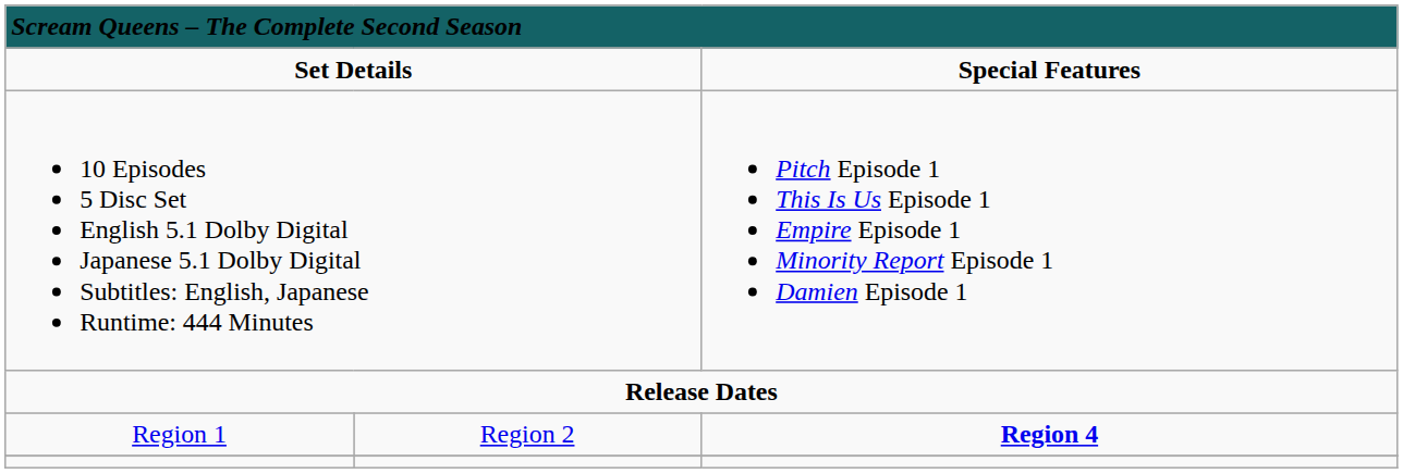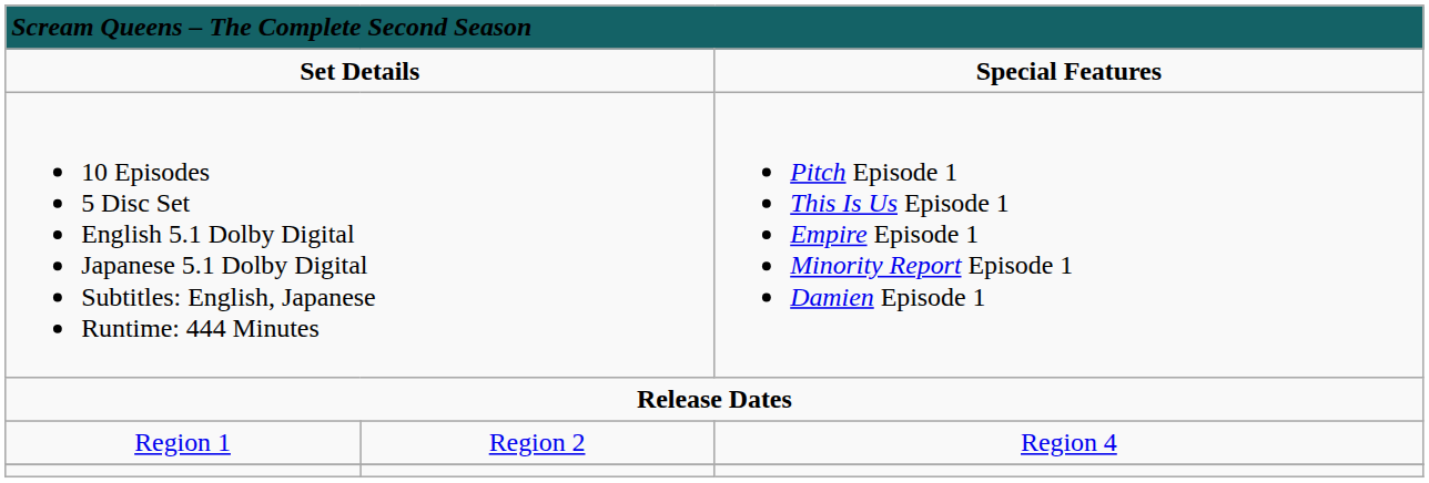 <table class="wikitable" style="font-size: 95%;">
 <tr style="background:#146266;">
 <td colspan="3"><span> <strong><em>Scream Queens – The Complete Second Season</em></strong></span></td>
 </tr>
 <tr style="vertical-align:top; text-align:center;">
 <td style="width:400px;" colspan="2"><strong>Set Details</strong></td>
 <td style="width:400px; " colspan="2"><strong>Special Features</strong></td>
 </tr>
 <tr valign="top">
 <td colspan="2"  style="text-align:left; width:400px;"><br><ul><li>10 Episodes</li><li>5 Disc Set</li><li>English 5.1 Dolby Digital</li><li>Japanese 5.1 Dolby Digital</li><li>Subtitles: English, Japanese</li><li>Runtime: 444 Minutes</li></ul></td>
 <td colspan="3"  style="text-align:left; width:400px;"><br><ul><li><em><a href='#'>Pitch</a></em> Episode 1</li><li><em><a href='#'>This Is Us</a></em> Episode 1</li><li><em><a href='#'>Empire</a></em> Episode 1</li><li><em><a href='#'>Minority Report</a></em> Episode 1</li><li><em><a href='#'>Damien</a></em> Episode 1</li></ul></td>
 </tr>
 <tr>
 <td colspan="3" style="text-align:center;"><strong>Release Dates</strong></td>
 </tr>
 <tr>
 <td style="text-align:center;"><a href='#'>Region 1</a></td>
 <td style="text-align:center;"><a href='#'>Region 2</a></td>
-<td style="text-align:center;"><strong><a href='#'>Region 4</a></strong></td>
+<td style="text-align:center;"><a href='#'>Region 4</a></td>
 </tr>
 <tr style="text-align:center;">
 </tr>
 <tr style="text-align:center;">
 </tr>
 <tr>
 <td></td>
 <td></td>
 <td></td>
 </tr>
 </table>
